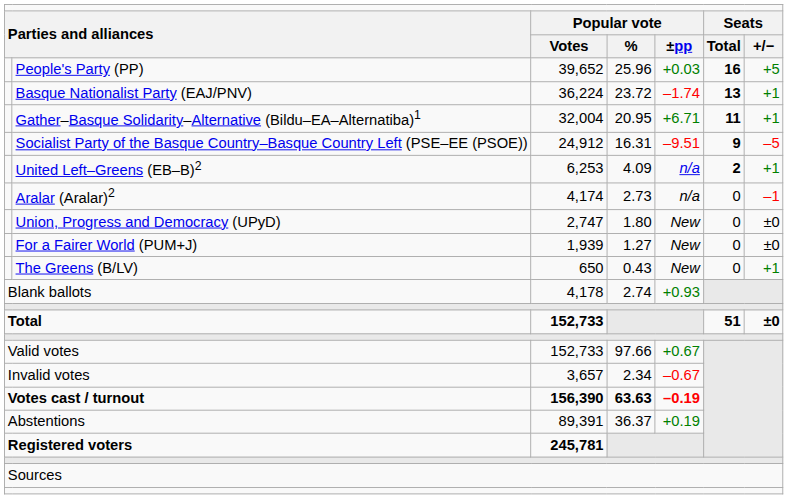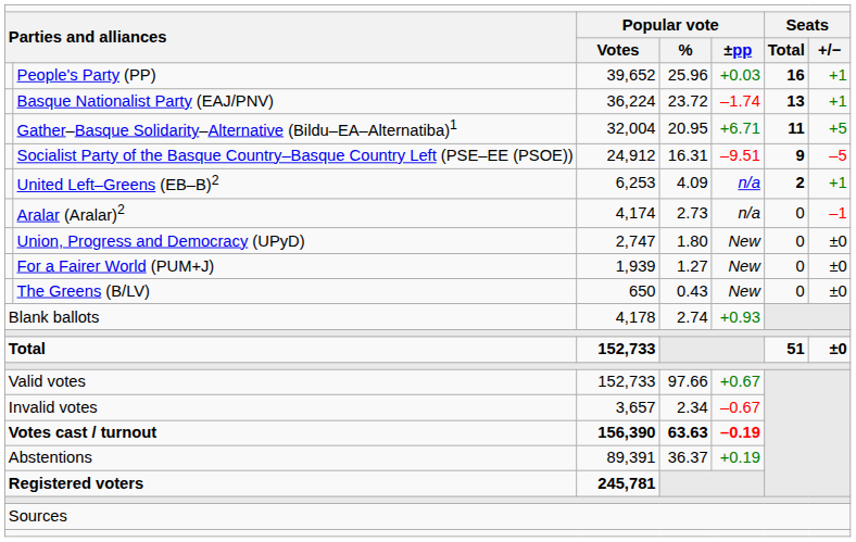 <table class="wikitable" style="text-align:right;">
 <tr>
 <td colspan="7"></td>
 </tr>
 <tr>
 <th style="text-align:left;" rowspan="2" colspan="2" width="525">Parties and alliances</th>
 <th colspan="3">Popular vote</th>
 <th colspan="2">Seats</th>
 </tr>
 <tr>
 <th width="75">Votes</th>
 <th width="45">%</th>
 <th width="45">±<a href='#'>pp</a></th>
 <th width="35">Total</th>
 <th width="35">+/−</th>
 </tr>
 <tr>
 <td width="1" style="color:inherit;background:"></td>
 <td align="left"><a href='#'>People's Party</a> (PP)</td>
 <td>39,652</td>
 <td>25.96</td>
 <td style="color:green;">+0.03</td>
 <td><strong>16</strong></td>
-<td style="color:green;">+5</td>
+<td style="color:green;">+1</td>
 </tr>
 <tr>
 <td style="color:inherit;background:"></td>
 <td align="left"><a href='#'>Basque Nationalist Party</a> (EAJ/PNV)</td>
 <td>36,224</td>
 <td>23.72</td>
 <td style="color:red;">–1.74</td>
 <td><strong>13</strong></td>
 <td style="color:green;">+1</td>
 </tr>
 <tr>
 <td style="color:inherit;background:"></td>
 <td align="left"><a href='#'>Gather</a>–<a href='#'>Basque Solidarity</a>–<a href='#'>Alternative</a> (Bildu–EA–Alternatiba)<sup>1</sup></td>
 <td>32,004</td>
 <td>20.95</td>
 <td style="color:green;">+6.71</td>
 <td><strong>11</strong></td>
-<td style="color:green;">+1</td>
+<td style="color:green;">+5</td>
 </tr>
 <tr>
 <td style="color:inherit;background:"></td>
 <td align="left"><a href='#'>Socialist Party of the Basque Country–Basque Country Left</a> (PSE–EE (PSOE))</td>
 <td>24,912</td>
 <td>16.31</td>
 <td style="color:red;">–9.51</td>
 <td><strong>9</strong></td>
 <td style="color:red;">–5</td>
 </tr>
 <tr>
 <td style="color:inherit;background:"></td>
 <td align="left"><a href='#'>United Left–Greens</a> (EB–B)<sup>2</sup></td>
 <td>6,253</td>
 <td>4.09</td>
 <td><em><a href='#'>n/a</a></em></td>
 <td><strong>2</strong></td>
 <td style="color:green;">+1</td>
 </tr>
 <tr>
 <td style="color:inherit;background:"></td>
 <td align="left"><a href='#'>Aralar</a> (Aralar)<sup>2</sup></td>
 <td>4,174</td>
 <td>2.73</td>
 <td><em>n/a</em></td>
 <td>0</td>
 <td style="color:red;">–1</td>
 </tr>
 <tr>
 <td style="color:inherit;background:"></td>
 <td align="left"><a href='#'>Union, Progress and Democracy</a> (UPyD)</td>
 <td>2,747</td>
 <td>1.80</td>
 <td><em>New</em></td>
 <td>0</td>
 <td>±0</td>
 </tr>
 <tr>
 <td style="color:inherit;background:"></td>
 <td align="left"><a href='#'>For a Fairer World</a> (PUM+J)</td>
 <td>1,939</td>
 <td>1.27</td>
 <td><em>New</em></td>
 <td>0</td>
 <td>±0</td>
 </tr>
 <tr>
 <td style="color:inherit;background:"></td>
 <td align="left"><a href='#'>The Greens</a> (B/LV)</td>
 <td>650</td>
 <td>0.43</td>
 <td><em>New</em></td>
 <td>0</td>
-<td style="color:green;">+1</td>
+<td>±0</td>
 </tr>
 <tr>
 <td align="left" colspan="2">Blank ballots</td>
 <td>4,178</td>
 <td>2.74</td>
 <td style="color:green;">+0.93</td>
 <td bgcolor="#E9E9E9" colspan="2"></td>
 </tr>
 <tr>
 <td colspan="7" bgcolor="#E9E9E9"></td>
 </tr>
 <tr style="font-weight:bold;">
 <td align="left" colspan="2">Total</td>
 <td>152,733</td>
 <td bgcolor="#E9E9E9" colspan="2"></td>
 <td>51</td>
 <td>±0</td>
 </tr>
 <tr>
 <td colspan="7" bgcolor="#E9E9E9"></td>
 </tr>
 <tr>
 <td align="left" colspan="2">Valid votes</td>
 <td>152,733</td>
 <td>97.66</td>
 <td style="color:green;">+0.67</td>
 <td bgcolor="#E9E9E9" colspan="2" rowspan="5"></td>
 </tr>
 <tr>
 <td align="left" colspan="2">Invalid votes</td>
 <td>3,657</td>
 <td>2.34</td>
 <td style="color:red;">–0.67</td>
 </tr>
 <tr style="font-weight:bold;">
 <td align="left" colspan="2">Votes cast / turnout</td>
 <td>156,390</td>
 <td>63.63</td>
 <td style="color:red;">–0.19</td>
 </tr>
 <tr>
 <td align="left" colspan="2">Abstentions</td>
 <td>89,391</td>
 <td>36.37</td>
 <td style="color:green;">+0.19</td>
 </tr>
 <tr style="font-weight:bold;">
 <td align="left" colspan="2">Registered voters</td>
 <td>245,781</td>
 <td bgcolor="#E9E9E9" colspan="2"></td>
 </tr>
 <tr>
 <td colspan="7" bgcolor="#E9E9E9"></td>
 </tr>
 <tr>
 <td align="left" colspan="7">Sources</td>
 </tr>
 <tr>
 <td colspan="7" style="text-align:left; max-width:790px;"></td>
 </tr>
 </table>
